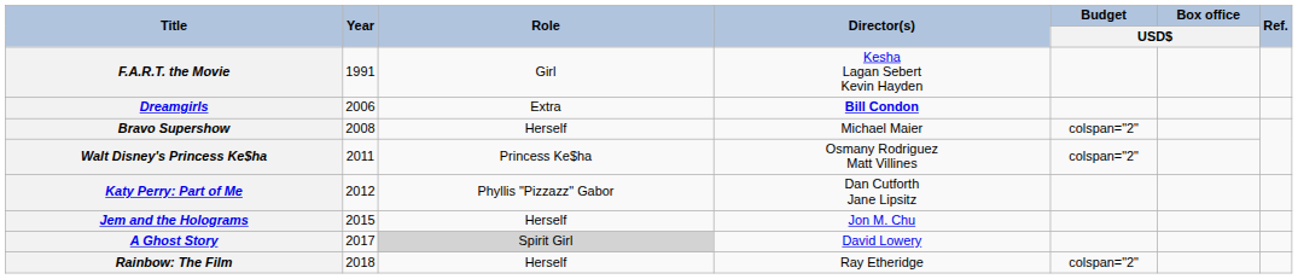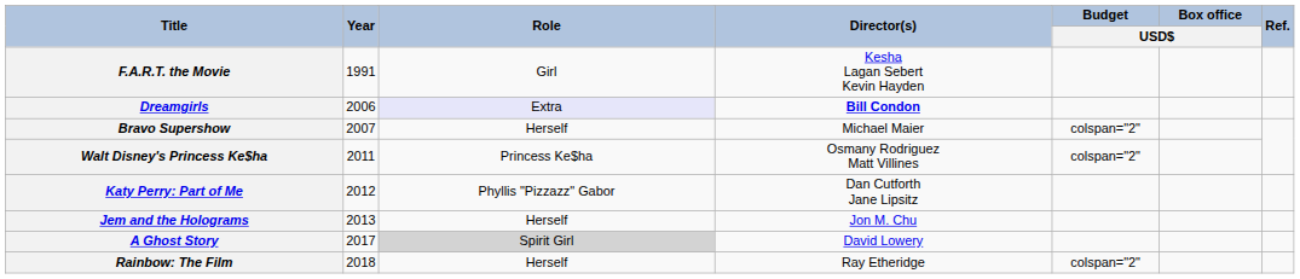 <table class="wikitable sortable plainrowheaders" style="text-align: center;">
 <tr>
 <th rowspan="2" scope="col" style="width:28em; background:#b0c4de;">Title</th>
 <th rowspan="2" scope="col" style="background:#B0C4DE;">Year</th>
 <th rowspan="2" scope="col" style="width:28em; background:#b0c4de;">Role</th>
 <th rowspan="2" scope="col" style="width:28em; background:#b0c4de;">Director(s)</th>
 <th scope="col"  style="width:8em; background:#b0c4de;">Budget</th>
 <th scope="col"  style="width:8em; background:#b0c4de;">Box office</th>
 <th rowspan="2" scope="col" class="unsortable" style="width:2em; background:#b0c4de;">Ref.</th>
 </tr>
 <tr class="unsortable">
 <th colspan="2" class="unsortable">USD$</th>
 </tr>
 <tr>
 <th scope="row"><em>F.A.R.T. the Movie</em></th>
 <td>1991</td>
 <td>Girl</td>
 <td><a href='#'>Kesha</a><br>Lagan Sebert<br>Kevin Hayden</td>
 <td></td>
 <td></td>
 <td></td>
 </tr>
 <tr>
 <th scope="row"><em><a href='#'>Dreamgirls</a></em></th>
 <td>2006</td>
-<td>Extra</td>
+<td style="background: lavender;">Extra</td>
 <td><strong><a href='#'>Bill Condon</a></strong></td>
 <td></td>
 <td></td>
 <td></td>
 </tr>
 <tr>
 <th scope="row"><em>Bravo Supershow</em></th>
-<td>2008</td>
+<td>2007</td>
 <td>Herself</td>
 <td>Michael Maier</td>
 <td>colspan="2" </td>
 <td></td>
 </tr>
 <tr>
 <th scope="row"><em>Walt Disney's Princess Ke$ha</em></th>
 <td>2011</td>
 <td>Princess Ke$ha</td>
 <td>Osmany Rodriguez<br>Matt Villines</td>
 <td>colspan="2" </td>
 <td></td>
 </tr>
 <tr>
 <th scope="row"><em><a href='#'>Katy Perry: Part of Me</a></em></th>
 <td>2012</td>
 <td>Phyllis "Pizzazz" Gabor</td>
 <td>Dan Cutforth<br>Jane Lipsitz</td>
 <td></td>
 <td></td>
 <td></td>
 </tr>
 <tr>
 <th scope="row"><em><a href='#'>Jem and the Holograms</a></em></th>
-<td>2015</td>
+<td>2013</td>
 <td>Herself</td>
 <td><a href='#'>Jon M. Chu</a></td>
 <td></td>
 <td></td>
 <td></td>
 </tr>
 <tr>
 <th scope="row"><em><a href='#'>A Ghost Story</a></em></th>
 <td>2017</td>
 <td style="background: lightgrey;">Spirit Girl</td>
 <td><a href='#'>David Lowery</a></td>
 <td></td>
 <td></td>
 <td></td>
 </tr>
 <tr>
 <th scope="row"><em>Rainbow: The Film</em></th>
 <td>2018</td>
 <td>Herself</td>
 <td>Ray Etheridge</td>
 <td>colspan="2" </td>
 <td></td>
 </tr>
 </table>
